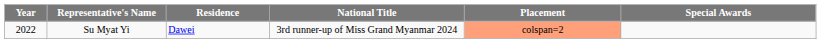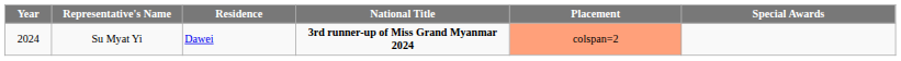 <table class="wikitable sortable" style="font-size: 83%; text-align:center">
 <tr>
 <th width="50" style="background-color:#787878;color:#FFFFFF;">Year</th>
 <th width="150" style="background-color:#787878;color:#FFFFFF;">Representative's Name</th>
 <th width="130" style="background-color:#787878;color:#FFFFFF;">Residence</th>
 <th width="250" style="background-color:#787878;color:#FFFFFF;">National Title</th>
 <th width="200" style="background-color:#787878;color:#FFFFFF;">Placement</th>
 <th width="250" style="background-color:#787878;color:#FFFFFF;">Special Awards</th>
 </tr>
 <tr>
-<td>2022</td>
+<td>2024</td>
 <td>Su Myat Yi</td>
 <td align=left> <a href='#'>Dawei</a></td>
-<td>3rd runner-up of Miss Grand Myanmar 2024</td>
+<td><strong>3rd runner-up of Miss Grand Myanmar 2024</strong></td>
 <td style="background: lightsalmon;">colspan=2 </td>
 </tr>
 </table>
